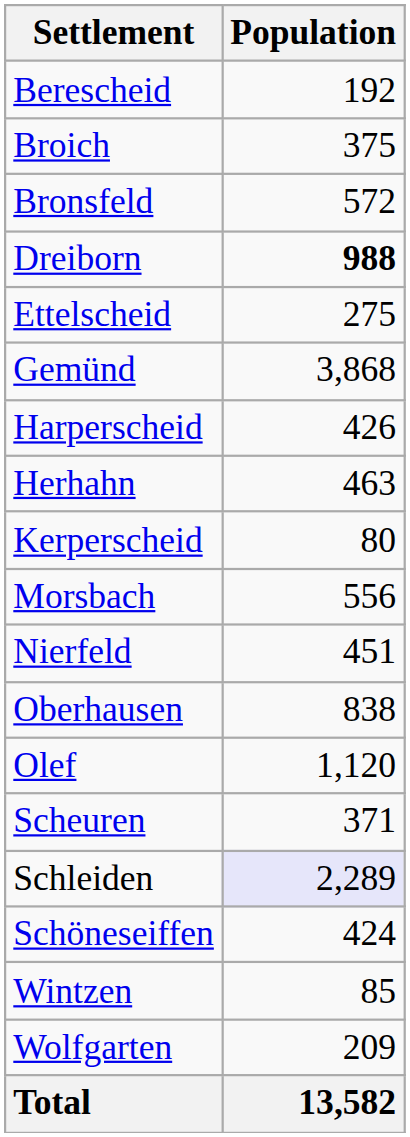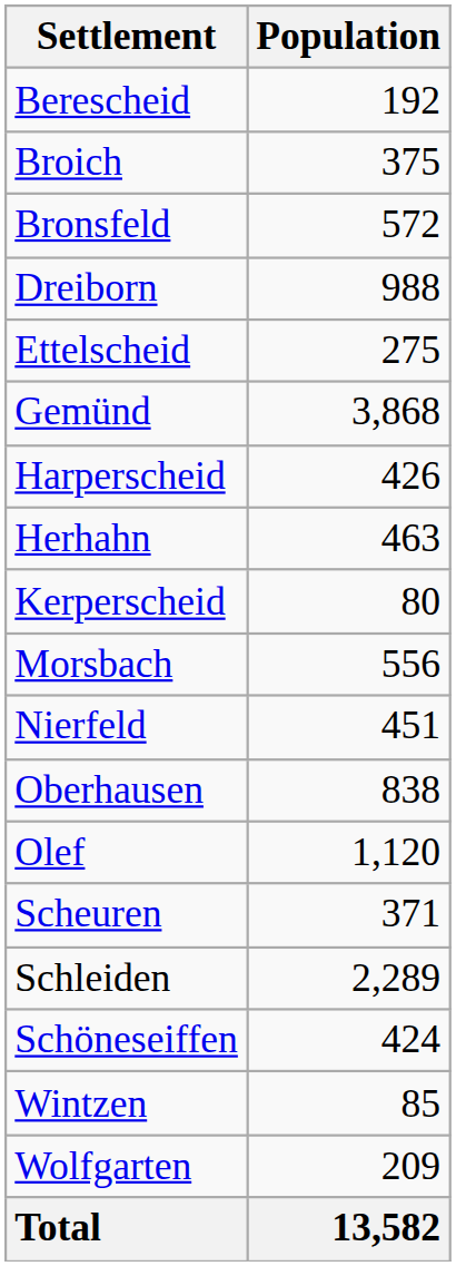 <table class="wikitable sortable">
 <tr>
 <th>Settlement</th>
 <th>Population</th>
 </tr>
 <tr>
 <td><a href='#'>Berescheid</a></td>
 <td style="text-align:right;">192</td>
 </tr>
 <tr>
 <td><a href='#'>Broich</a></td>
 <td style="text-align:right;">375</td>
 </tr>
 <tr>
 <td><a href='#'>Bronsfeld</a></td>
 <td style="text-align:right;">572</td>
 </tr>
 <tr>
 <td><a href='#'>Dreiborn</a></td>
-<td style="text-align:right;"><strong>988</strong></td>
+<td style="text-align:right;">988</td>
 </tr>
 <tr>
 <td><a href='#'>Ettelscheid</a></td>
 <td style="text-align:right;">275</td>
 </tr>
 <tr>
 <td><a href='#'>Gemünd</a></td>
 <td style="text-align:right;">3,868</td>
 </tr>
 <tr>
 <td><a href='#'>Harperscheid</a></td>
 <td style="text-align:right;">426</td>
 </tr>
 <tr>
 <td><a href='#'>Herhahn</a></td>
 <td style="text-align:right;">463</td>
 </tr>
 <tr>
 <td><a href='#'>Kerperscheid</a></td>
 <td style="text-align:right;">80</td>
 </tr>
 <tr>
 <td><a href='#'>Morsbach</a></td>
 <td style="text-align:right;">556</td>
 </tr>
 <tr>
 <td><a href='#'>Nierfeld</a></td>
 <td style="text-align:right;">451</td>
 </tr>
 <tr>
 <td><a href='#'>Oberhausen</a></td>
 <td style="text-align:right;">838</td>
 </tr>
 <tr>
 <td><a href='#'>Olef</a></td>
 <td style="text-align:right;">1,120</td>
 </tr>
 <tr>
 <td><a href='#'>Scheuren</a></td>
 <td style="text-align:right;">371</td>
 </tr>
 <tr>
 <td>Schleiden</td>
-<td style="background: lavender; text-align:right;">2,289</td>
+<td style="text-align:right;">2,289</td>
 </tr>
 <tr>
 <td><a href='#'>Schöneseiffen</a></td>
 <td style="text-align:right;">424</td>
 </tr>
 <tr>
 <td><a href='#'>Wintzen</a></td>
 <td style="text-align:right;">85</td>
 </tr>
 <tr>
 <td><a href='#'>Wolfgarten</a></td>
 <td style="text-align:right;">209</td>
 </tr>
 <tr>
 <th style="text-align:left;">Total</th>
 <th style="text-align:right;">13,582</th>
 </tr>
 </table>
